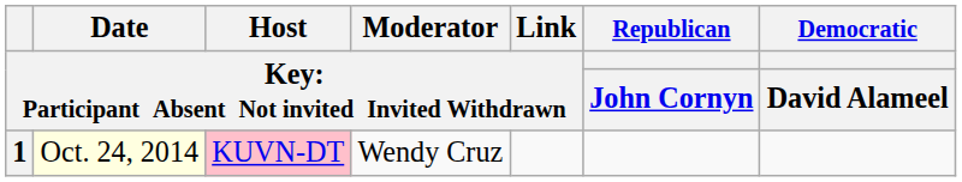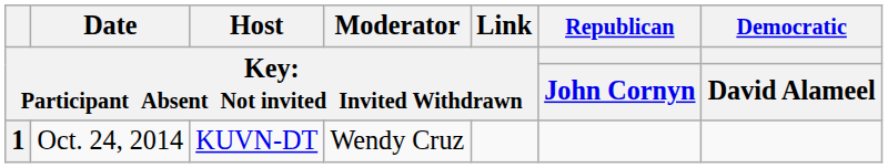 <table class="wikitable" style="text-align:center;">
 <tr>
 <th scope="col"></th>
 <th scope="col">Date</th>
 <th scope="col">Host</th>
 <th scope="col">Moderator</th>
 <th scope="col">Link</th>
 <th scope="col"><small><a href='#'>Republican</a></small></th>
 <th scope="col"><small><a href='#'>Democratic</a></small></th>
 </tr>
 <tr>
 <th colspan="5" rowspan="2">Key:<br> <small>Participant </small>  <small>Absent </small>  <small>Not invited </small>  <small>Invited  Withdrawn</small></th>
 <th scope="col" style="background:"></th>
 <th scope="col" style="background:"></th>
 </tr>
 <tr>
 <th scope="col"><a href='#'>John Cornyn</a></th>
 <th scope="col">David Alameel</th>
 </tr>
 <tr>
 <th>1</th>
-<td style="background: lightyellow; white-space:nowrap;">Oct. 24, 2014</td>
-<td style="background: pink; white-space:nowrap;"><a href='#'>KUVN-DT</a></td>
+<td style="white-space:nowrap;">Oct. 24, 2014</td>
+<td style="white-space:nowrap;"><a href='#'>KUVN-DT</a></td>
 <td style="white-space:nowrap;">Wendy Cruz</td>
 <td style="white-space:nowrap;"></td>
 <td></td>
 <td></td>
 </tr>
 </table>
